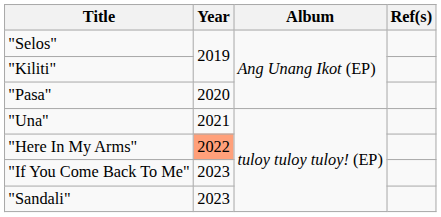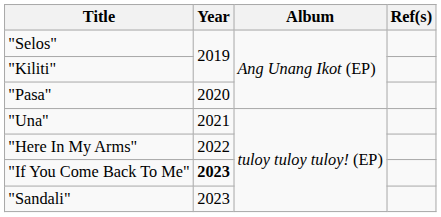 <table class="wikitable">
 <tr>
 <th>Title</th>
 <th>Year</th>
 <th>Album</th>
 <th>Ref(s)</th>
 </tr>
 <tr>
 <td>"Selos"</td>
 <td rowspan="2">2019</td>
 <td rowspan="3"><em>Ang Unang Ikot</em> (EP)</td>
 <td></td>
 </tr>
 <tr>
 <td>"Kiliti"</td>
 <td></td>
 </tr>
 <tr>
 <td>"Pasa"</td>
 <td>2020</td>
 <td></td>
 </tr>
 <tr>
 <td>"Una"</td>
 <td>2021</td>
 <td rowspan="4"><em>tuloy tuloy tuloy!</em> (EP)</td>
 <td></td>
 </tr>
 <tr>
 <td>"Here In My Arms"</td>
-<td style="background: lightsalmon;">2022</td>
+<td>2022</td>
 <td></td>
 </tr>
 <tr>
 <td>"If You Come Back To Me"</td>
-<td>2023</td>
+<td><strong>2023</strong></td>
 <td></td>
 </tr>
 <tr>
 <td>"Sandali"</td>
 <td>2023</td>
 <td></td>
 </tr>
 </table>
